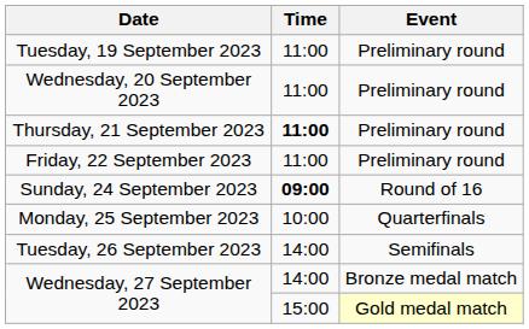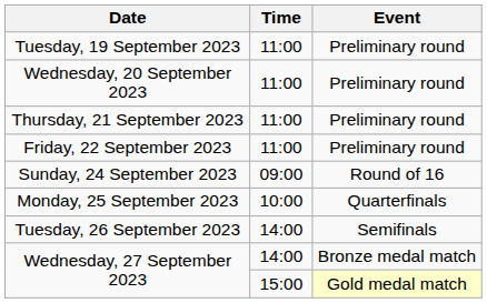 <table class = "wikitable" style="text-align:center;">
 <tr>
 <th width=220>Date</th>
 <th width=50>Time</th>
 <th width=150>Event</th>
 </tr>
 <tr>
 <td>Tuesday, 19 September 2023</td>
 <td>11:00</td>
 <td>Preliminary round</td>
 </tr>
 <tr>
 <td>Wednesday, 20 September 2023</td>
 <td>11:00</td>
 <td>Preliminary round</td>
 </tr>
 <tr>
 <td>Thursday, 21 September 2023</td>
-<td><strong>11:00</strong></td>
+<td>11:00</td>
 <td>Preliminary round</td>
 </tr>
 <tr>
 <td>Friday, 22 September 2023</td>
 <td>11:00</td>
 <td>Preliminary round</td>
 </tr>
 <tr>
 <td>Sunday, 24 September 2023</td>
-<td><strong>09:00</strong></td>
+<td>09:00</td>
 <td>Round of 16</td>
 </tr>
 <tr>
 <td>Monday, 25 September 2023</td>
 <td>10:00</td>
 <td>Quarterfinals</td>
 </tr>
 <tr>
 <td>Tuesday, 26 September 2023</td>
 <td>14:00</td>
 <td>Semifinals</td>
 </tr>
 <tr>
 <td rowspan=2>Wednesday, 27 September 2023</td>
 <td>14:00</td>
 <td>Bronze medal match</td>
 </tr>
 <tr>
 <td>15:00</td>
 <td bgcolor=ffffcc>Gold medal match</td>
 </tr>
 </table>
